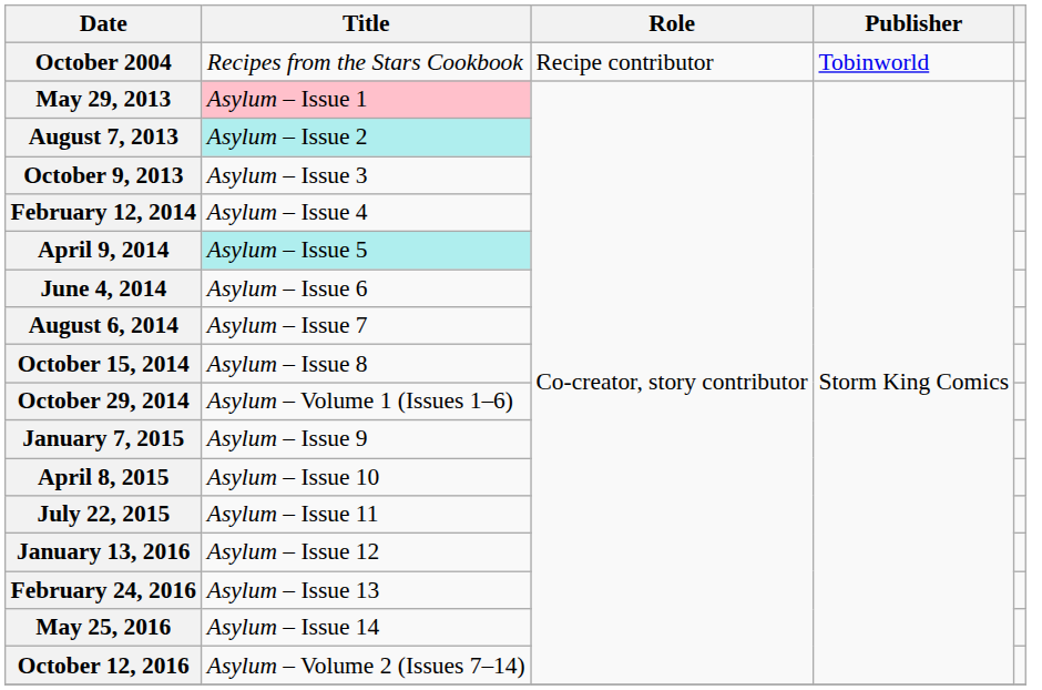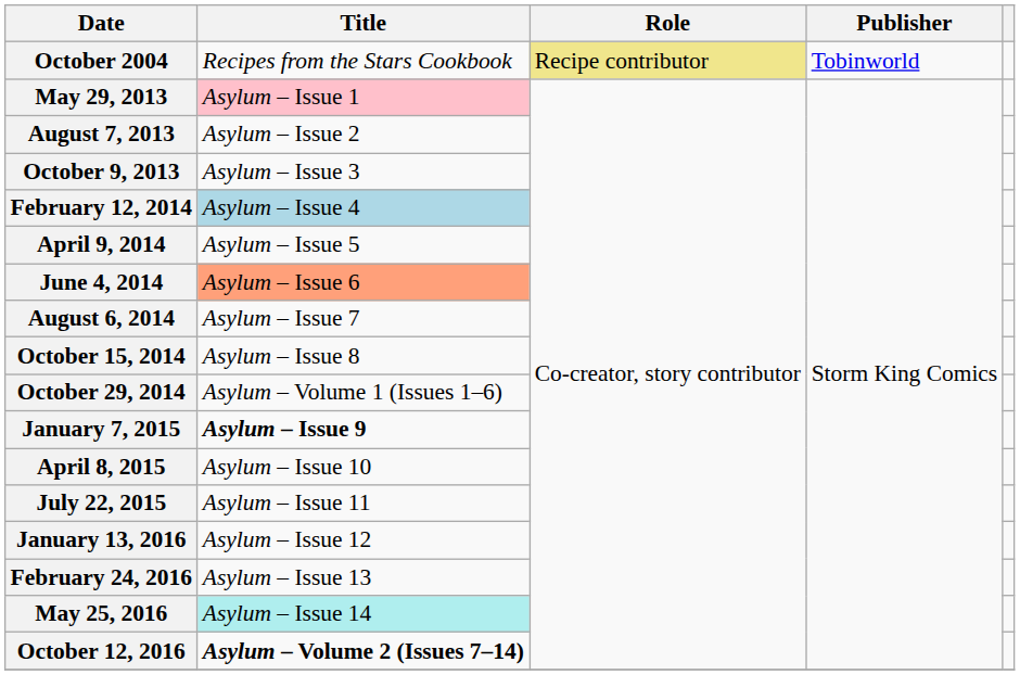 <table class="wikitable plainrowheaders sortable">
 <tr>
 <th scope="col">Date</th>
 <th scope="col">Title</th>
 <th scope="col">Role</th>
 <th scope="col">Publisher</th>
 <th scope=col class="unsortable"></th>
 </tr>
 <tr>
 <th scope="row">October 2004</th>
 <td><em>Recipes from the Stars Cookbook</em></td>
-<td>Recipe contributor</td>
+<td style="background: khaki;">Recipe contributor</td>
 <td><a href='#'>Tobinworld</a></td>
 <td style="text-align:center;"></td>
 </tr>
 <tr>
 <th scope=row>May 29, 2013</th>
 <td style="background: pink;"><em>Asylum</em> – Issue 1</td>
 <td rowspan="16">Co-creator, story contributor</td>
 <td rowspan="16">Storm King Comics</td>
 <td style="text-align:center;"></td>
 </tr>
 <tr>
 <th scope=row>August 7, 2013</th>
-<td style="background: paleturquoise;"><em>Asylum</em> – Issue 2</td>
+<td><em>Asylum</em> – Issue 2</td>
 <td style="text-align:center;"></td>
 </tr>
 <tr>
 <th scope=row>October 9, 2013</th>
 <td><em>Asylum</em> – Issue 3</td>
 <td style="text-align:center;"></td>
 </tr>
 <tr>
 <th scope=row>February 12, 2014</th>
-<td><em>Asylum</em> – Issue 4</td>
+<td style="background: lightblue;"><em>Asylum</em> – Issue 4</td>
 <td style="text-align:center;"></td>
 </tr>
 <tr>
 <th scope=row>April 9, 2014</th>
-<td style="background: paleturquoise;"><em>Asylum</em> – Issue 5</td>
+<td><em>Asylum</em> – Issue 5</td>
 <td style="text-align:center;"></td>
 </tr>
 <tr>
 <th scope=row>June 4, 2014</th>
-<td><em>Asylum</em> – Issue 6</td>
+<td style="background: lightsalmon;"><em>Asylum</em> – Issue 6</td>
 <td style="text-align:center;"></td>
 </tr>
 <tr>
 <th scope="row">August 6, 2014</th>
 <td><em>Asylum</em> – Issue 7</td>
 <td style="text-align:center;"></td>
 </tr>
 <tr>
 <th scope="row">October 15, 2014</th>
 <td><em>Asylum</em> – Issue 8</td>
 <td style="text-align:center;"></td>
 </tr>
 <tr>
 <th scope="row">October 29, 2014</th>
 <td><em>Asylum</em> – Volume 1 (Issues 1–6)</td>
 <td style="text-align:center;"></td>
 </tr>
 <tr>
 <th scope=row>January 7, 2015</th>
-<td><em>Asylum</em> – Issue 9</td>
+<td><strong><em>Asylum</em> – Issue 9</strong></td>
 <td style="text-align:center;"></td>
 </tr>
 <tr>
 <th scope=row>April 8, 2015</th>
 <td><em>Asylum</em> – Issue 10</td>
 <td style="text-align:center;"></td>
 </tr>
 <tr>
 <th scope=row>July 22, 2015</th>
 <td><em>Asylum</em> – Issue 11</td>
 <td style="text-align:center;"></td>
 </tr>
 <tr>
 <th scope=row>January 13, 2016</th>
 <td><em>Asylum</em> – Issue 12</td>
 <td style="text-align:center;"></td>
 </tr>
 <tr>
 <th scope=row>February 24, 2016</th>
 <td><em>Asylum</em> – Issue 13</td>
 <td style="text-align:center;"></td>
 </tr>
 <tr>
 <th scope=row>May 25, 2016</th>
-<td><em>Asylum</em> – Issue 14</td>
+<td style="background: paleturquoise;"><em>Asylum</em> – Issue 14</td>
 <td style="text-align:center;"></td>
 </tr>
 <tr>
 <th scope=row>October 12, 2016</th>
-<td><em>Asylum</em> – Volume 2 (Issues 7–14)</td>
+<td><strong><em>Asylum</em> – Volume 2 (Issues 7–14)</strong></td>
 <td style="text-align:center;"></td>
 </tr>
 <tr>
 </tr>
 </table>
